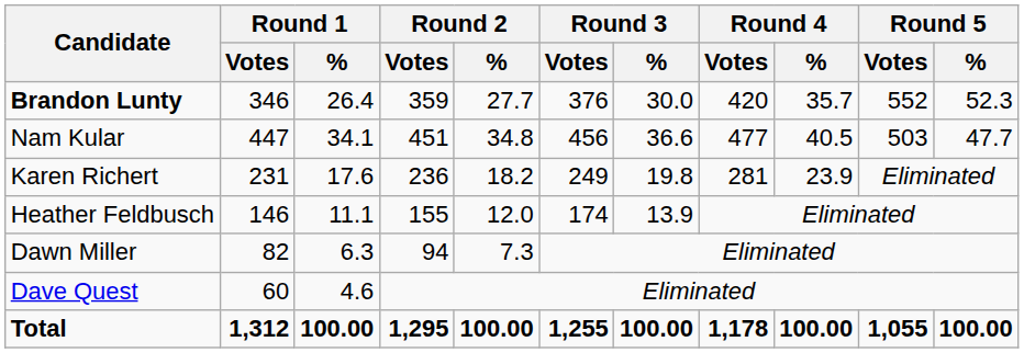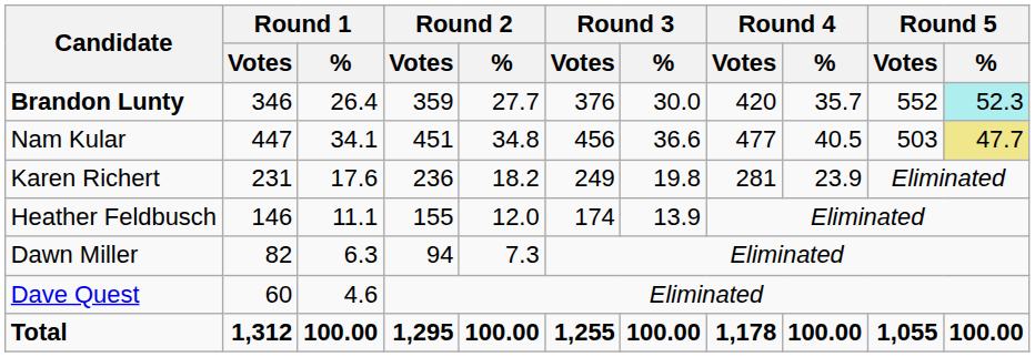 <table class="wikitable">
 <tr>
 <th rowspan=2>Candidate</th>
 <th colspan=2>Round 1</th>
 <th colspan=2>Round 2</th>
 <th colspan=2>Round 3</th>
 <th colspan=2>Round 4</th>
 <th colspan=2>Round 5</th>
 </tr>
 <tr>
 <th>Votes</th>
 <th>%</th>
 <th>Votes</th>
 <th>%</th>
 <th>Votes</th>
 <th>%</th>
 <th>Votes</th>
 <th>%</th>
 <th>Votes</th>
 <th>%</th>
 </tr>
 <tr>
 <td><strong>Brandon Lunty</strong></td>
 <td style="text-align:right">346</td>
 <td style="text-align:right">26.4</td>
 <td style="text-align:right">359</td>
 <td style="text-align:right">27.7</td>
 <td style="text-align:right">376</td>
 <td style="text-align:right">30.0</td>
 <td style="text-align:right">420</td>
 <td style="text-align:right">35.7</td>
 <td style="text-align:right">552</td>
-<td style="text-align:right">52.3</td>
+<td style="background: paleturquoise; text-align:right">52.3</td>
 </tr>
 <tr>
 <td>Nam Kular</td>
 <td style="text-align:right">447</td>
 <td style="text-align:right">34.1</td>
 <td style="text-align:right">451</td>
 <td style="text-align:right">34.8</td>
 <td style="text-align:right">456</td>
 <td style="text-align:right">36.6</td>
 <td style="text-align:right">477</td>
 <td style="text-align:right">40.5</td>
 <td style="text-align:right">503</td>
-<td style="text-align:right">47.7</td>
+<td style="background: khaki; text-align:right">47.7</td>
 </tr>
 <tr>
 <td>Karen Richert</td>
 <td style="text-align:right">231</td>
 <td style="text-align:right">17.6</td>
 <td style="text-align:right">236</td>
 <td style="text-align:right">18.2</td>
 <td style="text-align:right">249</td>
 <td style="text-align:right">19.8</td>
 <td style="text-align:right">281</td>
 <td style="text-align:right">23.9</td>
 <td colspan="6" style="text-align:center"><em>Eliminated</em></td>
 </tr>
 <tr>
 <td>Heather Feldbusch</td>
 <td style="text-align:right">146</td>
 <td style="text-align:right">11.1</td>
 <td style="text-align:right">155</td>
 <td style="text-align:right">12.0</td>
 <td style="text-align:right">174</td>
 <td style="text-align:right">13.9</td>
 <td colspan="4" style="text-align:center"><em>Eliminated</em></td>
 </tr>
 <tr>
 <td>Dawn Miller</td>
 <td style="text-align:right">82</td>
 <td style="text-align:right">6.3</td>
 <td style="text-align:right">94</td>
 <td style="text-align:right">7.3</td>
 <td colspan="6" style="text-align:center"><em>Eliminated</em></td>
 </tr>
 <tr>
 <td><a href='#'>Dave Quest</a></td>
 <td style="text-align:right">60</td>
 <td style="text-align:right">4.6</td>
 <td colspan="8" style="text-align:center"><em>Eliminated</em></td>
 </tr>
 <tr>
 <td><strong>Total</strong></td>
 <td style="text-align:right"><strong>1,312</strong></td>
 <td style="text-align:right"><strong>100.00</strong></td>
 <td style="text-align:right"><strong>1,295</strong></td>
 <td style="text-align:right"><strong>100.00</strong></td>
 <td style="text-align:right"><strong>1,255</strong></td>
 <td style="text-align:right"><strong>100.00</strong></td>
 <td style="text-align:right"><strong>1,178</strong></td>
 <td style="text-align:right"><strong>100.00</strong></td>
 <td style="text-align:right"><strong>1,055</strong></td>
 <td style="text-align:right"><strong>100.00</strong></td>
 </tr>
 </table>
